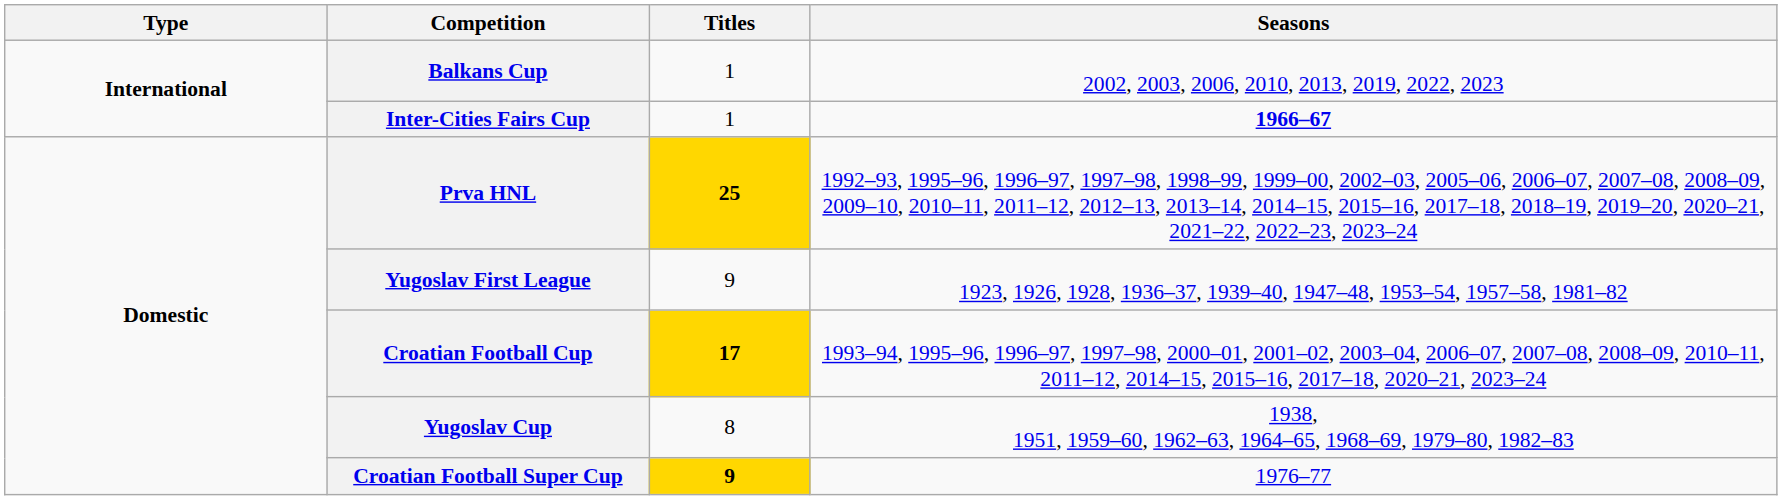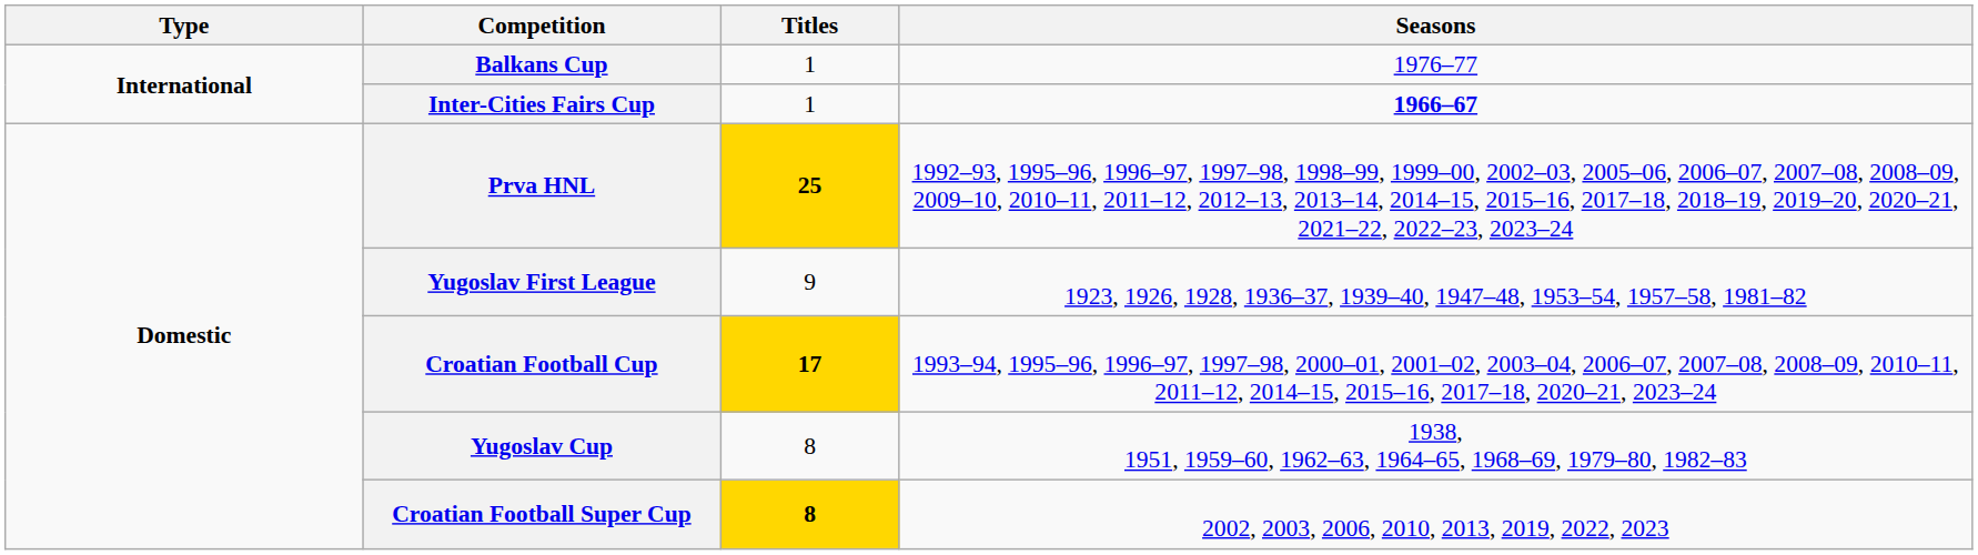 <table class="wikitable plainrowheaders" style="font-size:95%; text-align:center;">
 <tr>
 <th style="width: 10%;">Type</th>
 <th style="width: 10%;">Competition</th>
 <th style="width: 5%;">Titles</th>
 <th style="width: 30%;">Seasons</th>
 </tr>
 <tr>
 <td rowspan="2"><strong>International</strong></td>
 <th scope="col"><a href='#'>Balkans Cup</a></th>
 <td scope="col">1</td>
-<td><br><a href='#'>2002</a>,  <a href='#'>2003</a>,  <a href='#'>2006</a>,  <a href='#'>2010</a>,  <a href='#'>2013</a>,  <a href='#'>2019</a>,  <a href='#'>2022</a>,  <a href='#'>2023</a></td>
+<td><a href='#'>1976–77</a></td>
 </tr>
 <tr>
 <th><strong><a href='#'>Inter-Cities Fairs Cup</a></strong></th>
 <td>1</td>
 <td><strong><a href='#'>1966–67</a></strong></td>
 </tr>
 <tr>
 <td rowspan="5"><strong>Domestic</strong></td>
 <th scope="col"><a href='#'>Prva HNL</a></th>
 <td scope="col" style="background-color: gold"><strong>25</strong></td>
 <td><br><a href='#'>1992–93</a>,  <a href='#'>1995–96</a>,  <a href='#'>1996–97</a>,  <a href='#'>1997–98</a>,  <a href='#'>1998–99</a>,  <a href='#'>1999–00</a>, <a href='#'>2002–03</a>,  <a href='#'>2005–06</a>,  <a href='#'>2006–07</a>,  <a href='#'>2007–08</a>,  <a href='#'>2008–09</a>,  <a href='#'>2009–10</a>,  <a href='#'>2010–11</a>,  <a href='#'>2011–12</a>,  <a href='#'>2012–13</a>,  <a href='#'>2013–14</a>,  <a href='#'>2014–15</a>, <a href='#'>2015–16</a>,  <a href='#'>2017–18</a>,  <a href='#'>2018–19</a>,  <a href='#'>2019–20</a>,  <a href='#'>2020–21</a>,  <a href='#'>2021–22</a>,  <a href='#'>2022–23</a>,  <a href='#'>2023–24</a></td>
 </tr>
 <tr>
 <th><a href='#'>Yugoslav First League</a></th>
 <td>9</td>
 <td><br><a href='#'>1923</a>,  <a href='#'>1926</a>,  <a href='#'>1928</a>,  <a href='#'>1936–37</a>,  <a href='#'>1939–40</a>,  <a href='#'>1947–48</a>,  <a href='#'>1953–54</a>,  <a href='#'>1957–58</a>,  <a href='#'>1981–82</a></td>
 </tr>
 <tr>
 <th scope="col"><a href='#'>Croatian Football Cup</a></th>
 <td scope="col" style="background-color: gold"><strong>17</strong></td>
 <td><br><a href='#'>1993–94</a>, <a href='#'>1995–96</a>, <a href='#'>1996–97</a>, <a href='#'>1997–98</a>, <a href='#'>2000–01</a>, <a href='#'>2001–02</a>, <a href='#'>2003–04</a>, <a href='#'>2006–07</a>, <a href='#'>2007–08</a>, <a href='#'>2008–09</a>, <a href='#'>2010–11</a>, <a href='#'>2011–12</a>, <a href='#'>2014–15</a>, <a href='#'>2015–16</a>,  <a href='#'>2017–18</a>,  <a href='#'>2020–21</a>,  <a href='#'>2023–24</a></td>
 </tr>
 <tr>
 <th><a href='#'>Yugoslav Cup</a></th>
 <td>8</td>
 <td><a href='#'>1938</a>,<br><a href='#'>1951</a>,  <a href='#'>1959–60</a>, <a href='#'>1962–63</a>, <a href='#'>1964–65</a>, <a href='#'>1968–69</a>, <a href='#'>1979–80</a>, <a href='#'>1982–83</a></td>
 </tr>
 <tr>
 <th scope="col"><a href='#'>Croatian Football Super Cup</a></th>
-<td scope="col" style="background-color: gold"><strong>9</strong></td>
-<td><a href='#'>1976–77</a></td>
+<td scope="col" style="background-color: gold"><strong>8</strong></td>
+<td><br><a href='#'>2002</a>,  <a href='#'>2003</a>,  <a href='#'>2006</a>,  <a href='#'>2010</a>,  <a href='#'>2013</a>,  <a href='#'>2019</a>,  <a href='#'>2022</a>,  <a href='#'>2023</a></td>
 </tr>
 </table>
